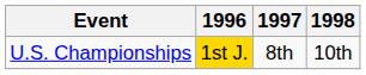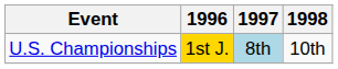 <table class="wikitable">
 <tr>
 <th>Event</th>
 <th>1996</th>
 <th>1997</th>
 <th>1998</th>
 </tr>
 <tr>
 <td><a href='#'>U.S. Championships</a></td>
 <td align="center" bgcolor="gold">1st J.</td>
-<td align="center">8th</td>
+<td align="center" style="background: lightblue;">8th</td>
 <td align="center">10th</td>
 </tr>
 <tr>
 </tr>
 </table>
